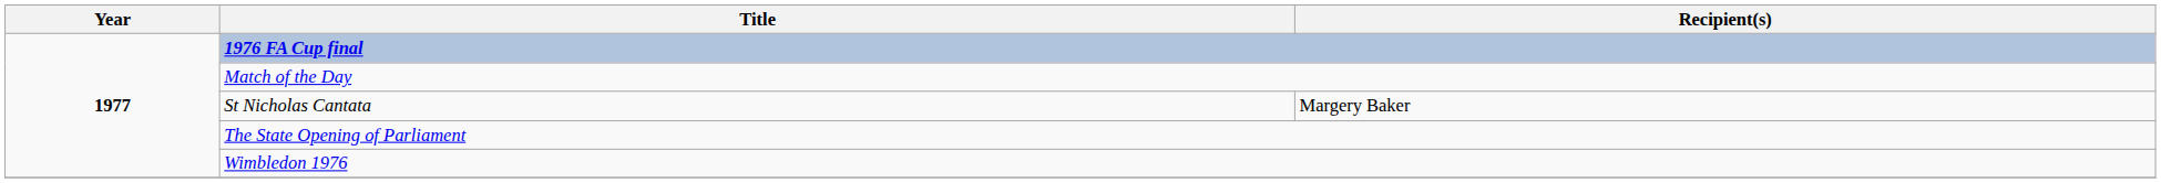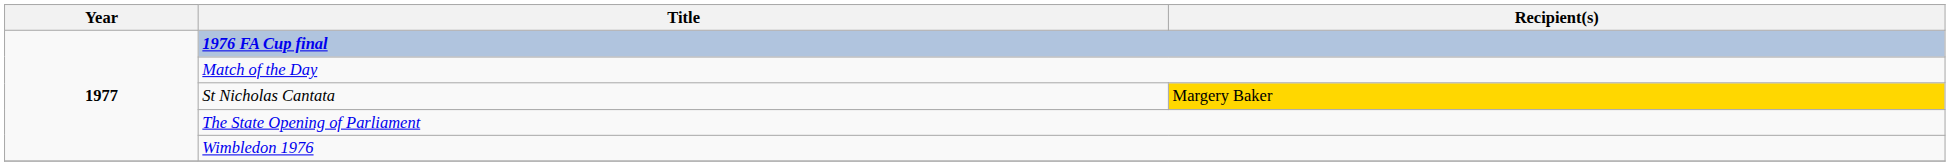 <table class="wikitable" width="95%">
 <tr>
 <th width=5%>Year</th>
 <th width=25%><strong>Title</strong></th>
 <th width=20%><strong>Recipient(s)</strong></th>
 </tr>
 <tr>
 <td rowspan="5" style="text-align:center;"><strong>1977</strong></td>
 <td colspan="2" style="background:#B0C4DE;"><strong><em><a href='#'>1976 FA Cup final</a></em></strong></td>
 </tr>
 <tr>
 <td colspan="2"><em><a href='#'>Match of the Day</a></em></td>
 </tr>
 <tr>
 <td><em>St Nicholas Cantata</em></td>
-<td>Margery Baker</td>
+<td style="background: gold;">Margery Baker</td>
 </tr>
 <tr>
 <td colspan="2"><em><a href='#'>The State Opening of Parliament</a></em></td>
 </tr>
 <tr>
 <td colspan="2"><em><a href='#'>Wimbledon 1976</a></em></td>
 </tr>
 <tr>
 </tr>
 </table>
